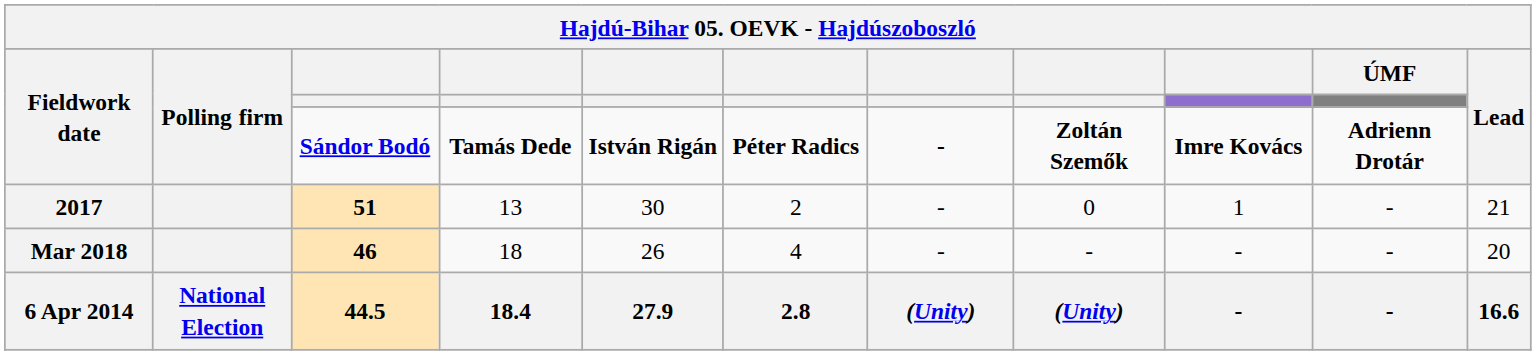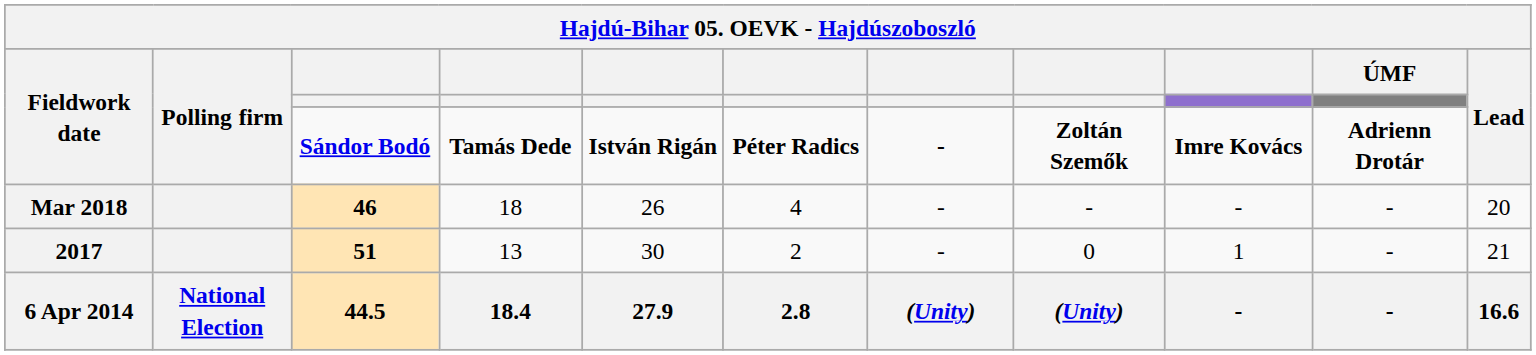 <table class="wikitable mw-collapsible mw-collapsed" style="text-align:center">
 <tr>
 <th colspan="11" style="width: 980pt;"><small><a href='#'>Hajdú-Bihar</a> 05. OEVK - <a href='#'>Hajdúszoboszló</a></small></th>
 </tr>
 <tr>
 <th rowspan="3" style="width: 80pt;"><small>Fieldwork</small> <small>date</small></th>
 <th rowspan="3" style="width: 80pt;"><strong><small>Polling</small> <small>firm</small></strong></th>
 <th style="width: 100pt;"><small></small></th>
 <th style="width: 100pt;"><small> </small></th>
 <th style="width: 100pt;"></th>
 <th style="width: 100pt;"></th>
 <th style="width: 100pt;"></th>
 <th style="width: 100pt;"></th>
 <th style="width: 100pt;"></th>
 <th style="width: 100pt;"><small>ÚMF</small></th>
 <th rowspan="3" style="width: 20pt;"><small>Lead</small></th>
 </tr>
 <tr>
 <th style="color:inherit;background:"></th>
 <th style="color:inherit;background:"></th>
 <th style="color:inherit;background:"></th>
 <th style="color:inherit;background:"></th>
 <th style="color:inherit;background:"></th>
 <th style="color:inherit;background:"></th>
 <th style="color:inherit;background:#8E6FCE;"></th>
 <th style="color:inherit;background:#808080;"></th>
 </tr>
 <tr>
 <td><small><strong><a href='#'>Sándor Bodó</a></strong></small></td>
 <td><small><strong>Tamás Dede</strong></small></td>
 <td><small><strong>István Rigán</strong></small></td>
 <td><small><strong>Péter Radics</strong></small></td>
 <td><small><strong>-</strong></small></td>
 <td><small><strong>Zoltán Szemők</strong></small></td>
 <td><small><strong>Imre Kovács</strong></small></td>
 <td><small><strong>Adrienn Drotár</strong></small></td>
 </tr>
 <tr>
+<th><small>Mar 2018</small></th>
+<th><small></small></th>
+<td style="background:#FFE5B4"><small><strong>46</strong></small></td>
+<td><small>18</small></td>
+<td><small>26</small></td>
+<td><small>4</small></td>
+<td><small>-</small></td>
+<td><small>-</small></td>
+<td><small>-</small></td>
+<td><small>-</small></td>
+<td style="background:"><small>20</small></td>
+</tr>
+<tr>
 <th><small>2017</small></th>
 <th><small></small></th>
 <td style="background:#FFE5B4"><small><strong>51</strong></small></td>
 <td><small>13</small></td>
 <td><small>30</small></td>
 <td><small>2</small></td>
 <td><small>-</small></td>
 <td><small>0</small></td>
 <td><small>1</small></td>
 <td><small>-</small></td>
 <td style="background:"><small>21</small></td>
-</tr>
-<tr>
-<th><small>Mar 2018</small></th>
-<th><small></small></th>
-<td style="background:#FFE5B4"><small><strong>46</strong></small></td>
-<td><small>18</small></td>
-<td><small>26</small></td>
-<td><small>4</small></td>
-<td><small>-</small></td>
-<td><small>-</small></td>
-<td><small>-</small></td>
-<td><small>-</small></td>
-<td style="background:"><small>20</small></td>
 </tr>
 <tr>
 <th><small>6 Apr 2014</small></th>
 <th><a href='#'><small>National Election</small></a></th>
 <th style="background:#FFE5B4"><small>44.5</small></th>
 <th><small>18.4</small></th>
 <th><small>27.9</small></th>
 <th><small>2.8</small></th>
 <th><small><em>(<a href='#'>Unity</a>)</em></small></th>
 <th><small><em>(<a href='#'>Unity</a>)</em></small></th>
 <th><small>-</small></th>
 <th><small>-</small></th>
 <th style="background:"><small>16.6</small></th>
 </tr>
 </table>
